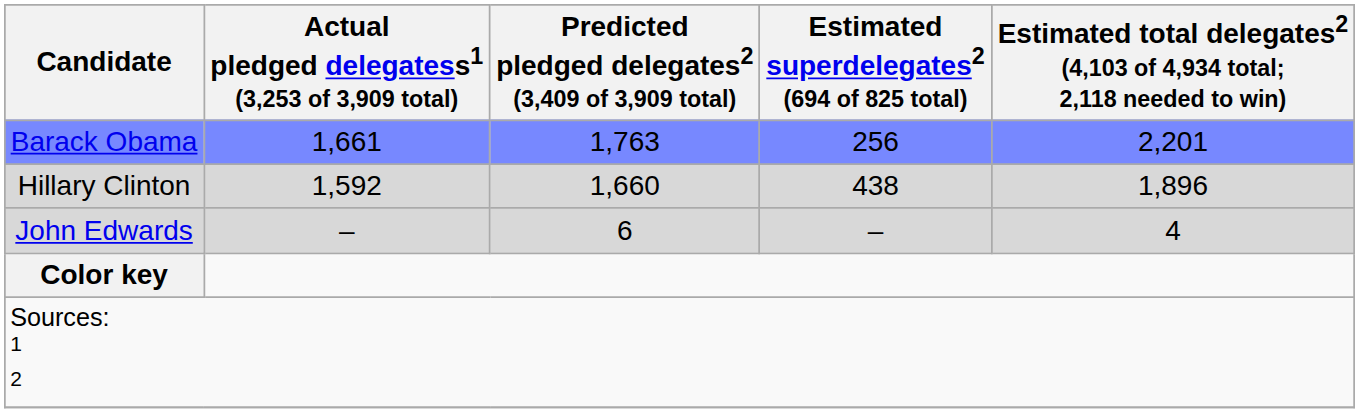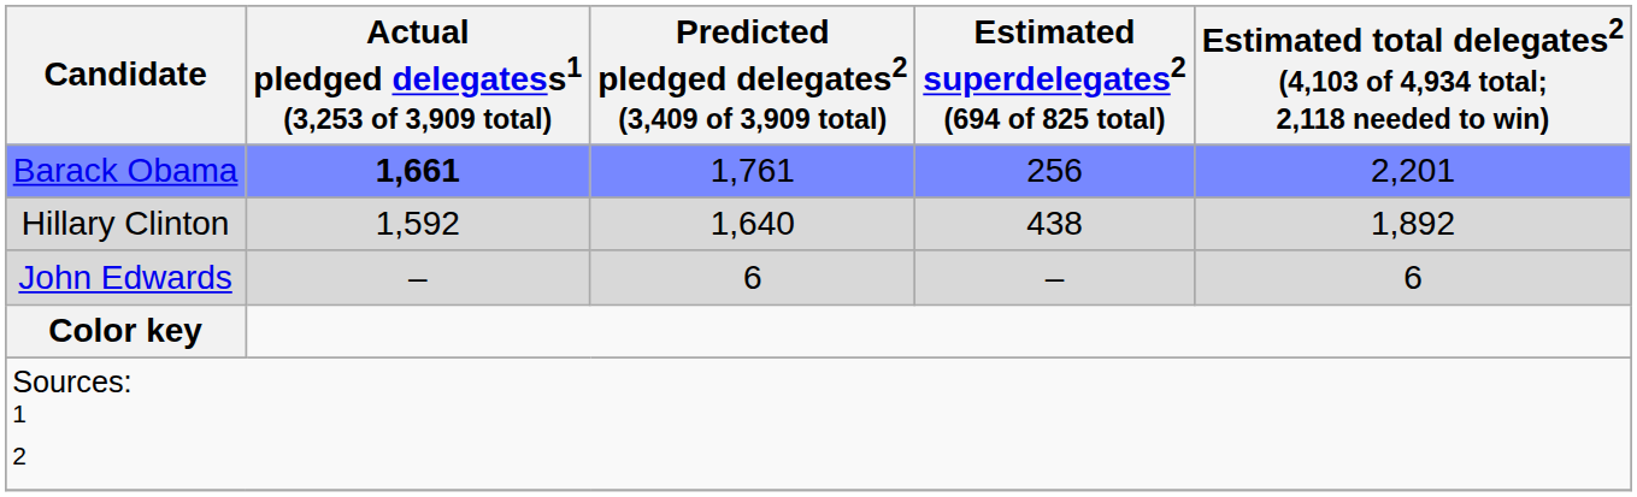 <table class="wikitable" style="margin: 1em auto; text-align:center;">
 <tr>
 <th>Candidate</th>
 <th>Actual<br>pledged <a href='#'>delegates</a>s<sup>1</sup><br><small>(3,253 of 3,909 total)</small></th>
 <th>Predicted<br>pledged delegates<sup>2</sup><br><small>(3,409 of 3,909 total)</small></th>
 <th>Estimated<br><a href='#'>superdelegates</a><sup>2</sup><br><small>(694 of 825 total)</small></th>
 <th>Estimated total delegates<sup>2</sup><br><small>(4,103 of 4,934 total;<br>2,118 needed to win)</small></th>
 </tr>
 <tr style="background:#7788FF;">
 <td><a href='#'>Barack Obama</a></td>
-<td>1,661</td>
-<td>1,763</td>
+<td><strong>1,661</strong></td>
+<td>1,761</td>
 <td>256</td>
 <td>2,201</td>
 </tr>
 <tr style="background:#D8D8D8;">
 <td>Hillary Clinton</td>
 <td>1,592</td>
-<td>1,660</td>
+<td>1,640</td>
 <td>438</td>
-<td>1,896</td>
+<td>1,892</td>
 </tr>
 <tr style="background:#D8D8D8;">
 <td><a href='#'>John Edwards</a></td>
 <td>–</td>
 <td>6</td>
 <td>–</td>
-<td>4</td>
+<td>6</td>
 </tr>
 <tr>
 <th>Color key</th>
 <td colspan="4" style="text-align:left;"><br> </td>
 </tr>
 <tr>
 <td colspan="5" style="text-align:left;font-size:90%;">Sources:<br><sup>1</sup> <br><sup>2</sup> </td>
 </tr>
 <tr>
 </tr>
 </table>
